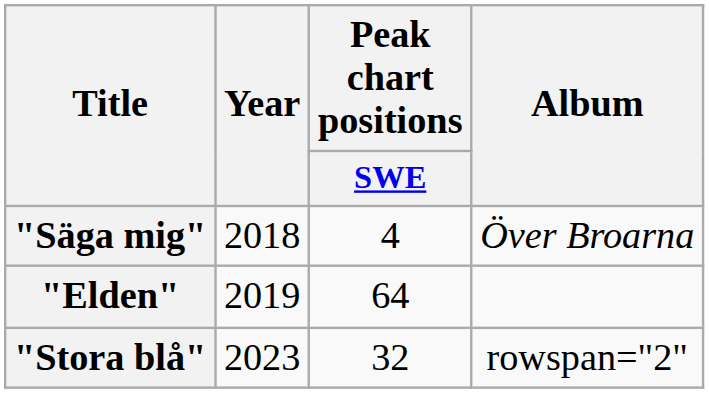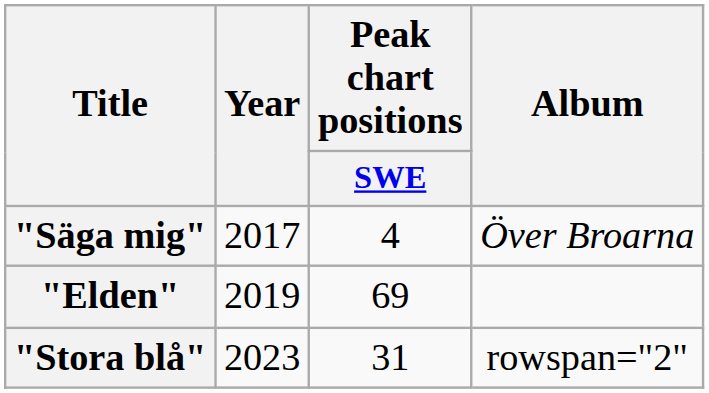 <table class="wikitable plainrowheaders" style="text-align:center;">
 <tr>
 <th scope="col" rowspan="2">Title</th>
 <th scope="col" rowspan="2">Year</th>
 <th scope="col" colspan="1">Peak chart positions</th>
 <th scope="col" rowspan="2">Album</th>
 </tr>
 <tr>
 <th scope="col" style="width:3em;font-size:85%;"><a href='#'>SWE</a><br></th>
 </tr>
 <tr>
 <th scope="row">"Säga mig"<br></th>
-<td>2018</td>
+<td>2017</td>
 <td>4</td>
 <td><em>Över Broarna</em></td>
 </tr>
 <tr>
 <th scope="row">"Elden"<br></th>
 <td>2019</td>
-<td>64<br></td>
+<td>69<br></td>
 </tr>
 <tr>
 <th scope="row">"Stora blå"<br></th>
 <td>2023</td>
-<td>32<br></td>
+<td>31<br></td>
 <td>rowspan="2" </td>
 </tr>
 </table>
